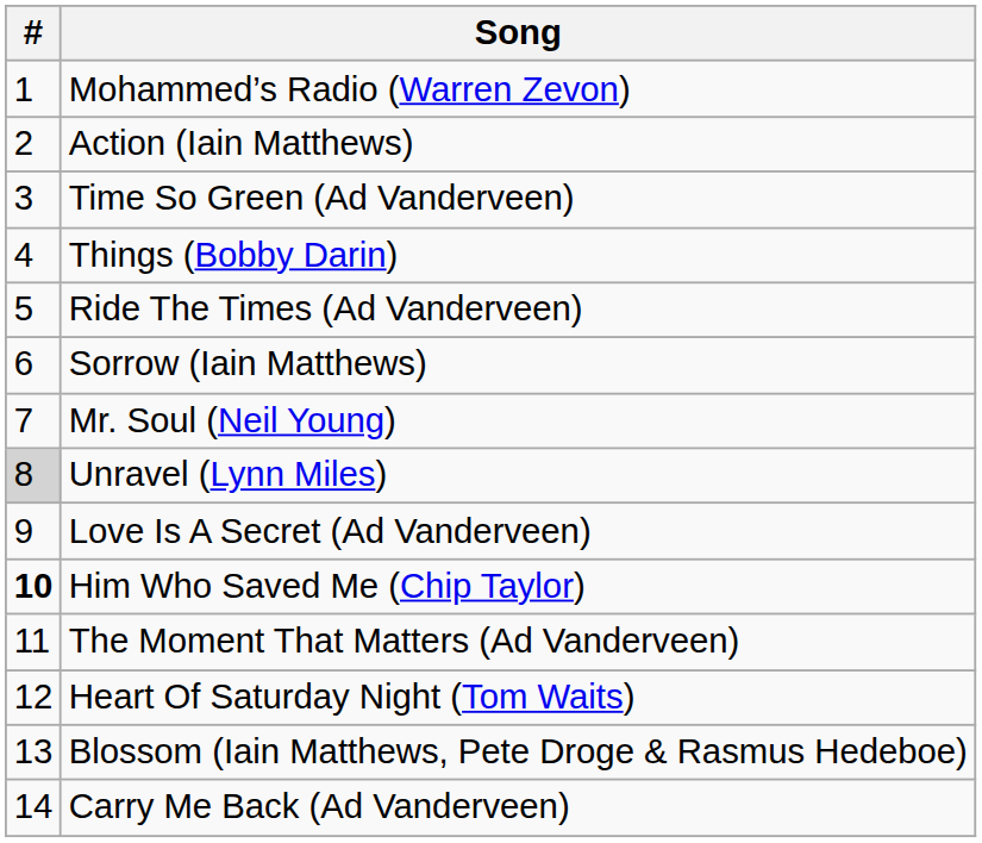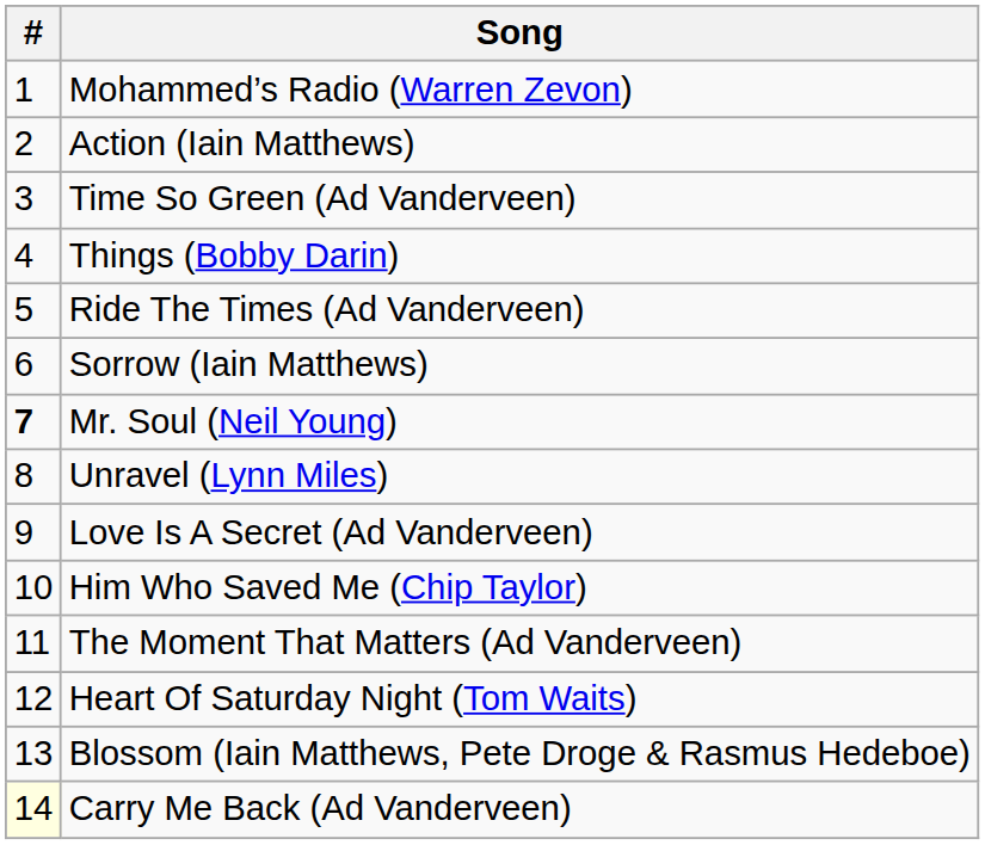 <table class="wikitable">
 <tr>
 <th>#</th>
 <th>Song</th>
 </tr>
 <tr>
 <td>1</td>
 <td>Mohammed’s Radio (<a href='#'>Warren Zevon</a>)</td>
 </tr>
 <tr>
 <td>2</td>
 <td>Action (Iain Matthews)</td>
 </tr>
 <tr>
 <td>3</td>
 <td>Time So Green (Ad Vanderveen)</td>
 </tr>
 <tr>
 <td>4</td>
 <td>Things (<a href='#'>Bobby Darin</a>)</td>
 </tr>
 <tr>
 <td>5</td>
 <td>Ride The Times (Ad Vanderveen)</td>
 </tr>
 <tr>
 <td>6</td>
 <td>Sorrow (Iain Matthews)</td>
 </tr>
 <tr>
-<td>7</td>
+<td><strong>7</strong></td>
 <td>Mr. Soul (<a href='#'>Neil Young</a>)</td>
 </tr>
 <tr>
-<td style="background: lightgrey;">8</td>
+<td>8</td>
 <td>Unravel (<a href='#'>Lynn Miles</a>)</td>
 </tr>
 <tr>
 <td>9</td>
 <td>Love Is A Secret (Ad Vanderveen)</td>
 </tr>
 <tr>
-<td><strong>10</strong></td>
+<td>10</td>
 <td>Him Who Saved Me (<a href='#'>Chip Taylor</a>)</td>
 </tr>
 <tr>
 <td>11</td>
 <td>The Moment That Matters (Ad Vanderveen)</td>
 </tr>
 <tr>
 <td>12</td>
 <td>Heart Of Saturday Night (<a href='#'>Tom Waits</a>)</td>
 </tr>
 <tr>
 <td>13</td>
 <td>Blossom (Iain Matthews, Pete Droge & Rasmus Hedeboe)</td>
 </tr>
 <tr>
-<td>14</td>
+<td style="background: lightyellow;">14</td>
 <td>Carry Me Back (Ad Vanderveen)</td>
 </tr>
 </table>
